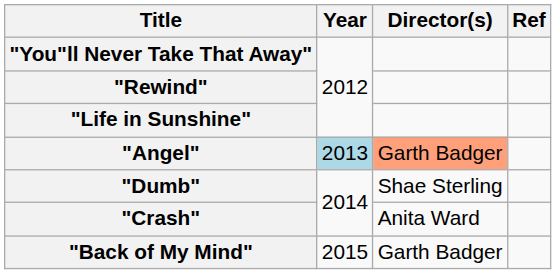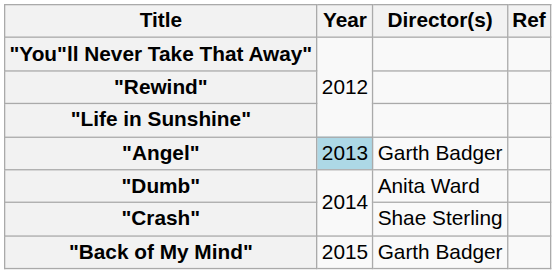 <table class="wikitable plainrowheaders">
 <tr>
 <th>Title</th>
 <th>Year</th>
 <th>Director(s)</th>
 <th>Ref</th>
 </tr>
 <tr>
 <th scope="row">"You"ll Never Take That Away"</th>
 <td rowspan="3">2012</td>
 <td></td>
 <td></td>
 </tr>
 <tr>
 <th scope="row">"Rewind"</th>
 <td></td>
 <td></td>
 </tr>
 <tr>
 <th scope="row">"Life in Sunshine"</th>
 <td></td>
 <td></td>
 </tr>
 <tr>
 <th scope="row">"Angel"</th>
 <td style="background: lightblue;">2013</td>
-<td style="background: lightsalmon;">Garth Badger</td>
+<td>Garth Badger</td>
 <td></td>
 </tr>
 <tr>
 <th scope="row">"Dumb"</th>
 <td rowspan="2">2014</td>
-<td>Shae Sterling</td>
+<td>Anita Ward</td>
 <td></td>
 </tr>
 <tr>
 <th scope="row">"Crash"</th>
-<td>Anita Ward</td>
+<td>Shae Sterling</td>
 <td></td>
 </tr>
 <tr>
 <th scope="row">"Back of My Mind"</th>
 <td rowspan="2">2015</td>
 <td>Garth Badger</td>
 <td></td>
 </tr>
 </table>
